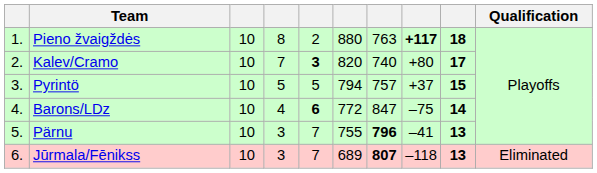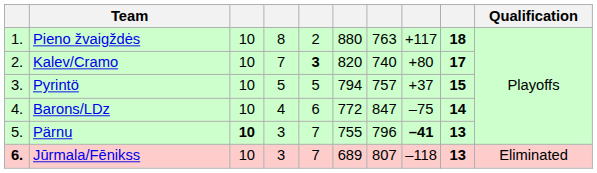 <table class="wikitable" style="text-align: center;">
 <tr>
 <th width=20></th>
 <th width=210>Team</th>
 <th width=30></th>
 <th width=30></th>
 <th width=30></th>
 <th width=30></th>
 <th width=30></th>
 <th width=35></th>
 <th width=30></th>
 <th width=120>Qualification</th>
 </tr>
 <tr bgcolor=#CCFFCC>
 <td>1.</td>
 <td align="left"> <a href='#'>Pieno žvaigždės</a></td>
 <td>10</td>
 <td>8</td>
 <td>2</td>
 <td>880</td>
 <td>763</td>
-<td><strong>+117</strong></td>
+<td>+117</td>
 <td><strong>18</strong></td>
 <td rowspan=5 align="center">Playoffs</td>
 </tr>
 <tr bgcolor=#CCFFCC>
 <td>2.</td>
 <td align="left"> <a href='#'>Kalev/Cramo</a></td>
 <td>10</td>
 <td>7</td>
 <td><strong>3</strong></td>
 <td>820</td>
 <td>740</td>
 <td>+80</td>
 <td><strong>17</strong></td>
 </tr>
 <tr bgcolor=#CCFFCC>
 <td>3.</td>
 <td align="left"> <a href='#'>Pyrintö</a></td>
 <td>10</td>
 <td>5</td>
 <td>5</td>
 <td>794</td>
 <td>757</td>
 <td>+37</td>
 <td><strong>15</strong></td>
 </tr>
 <tr bgcolor=#CCFFCC>
 <td>4.</td>
 <td align="left"> <a href='#'>Barons/LDz</a></td>
 <td>10</td>
 <td>4</td>
-<td><strong>6</strong></td>
+<td>6</td>
 <td>772</td>
 <td>847</td>
 <td>–75</td>
 <td><strong>14</strong></td>
 </tr>
 <tr bgcolor=#CCFFCC>
 <td>5.</td>
 <td align="left"> <a href='#'>Pärnu</a></td>
-<td>10</td>
+<td><strong>10</strong></td>
 <td>3</td>
 <td>7</td>
 <td>755</td>
-<td><strong>796</strong></td>
-<td>–41</td>
+<td>796</td>
+<td><strong>–41</strong></td>
 <td><strong>13</strong></td>
 </tr>
 <tr bgcolor=#FFCCCC>
-<td>6.</td>
+<td><strong>6.</strong></td>
 <td align="left"> <a href='#'>Jūrmala/Fēnikss</a></td>
 <td>10</td>
 <td>3</td>
 <td>7</td>
 <td>689</td>
-<td><strong>807</strong></td>
+<td>807</td>
 <td>–118</td>
 <td><strong>13</strong></td>
 <td rowspan=1 align"center">Eliminated</td>
 </tr>
 </table>
